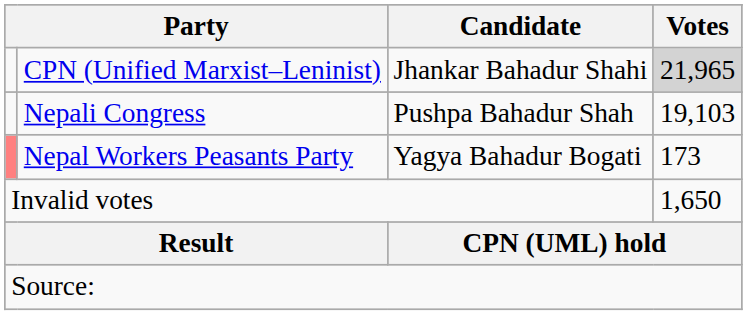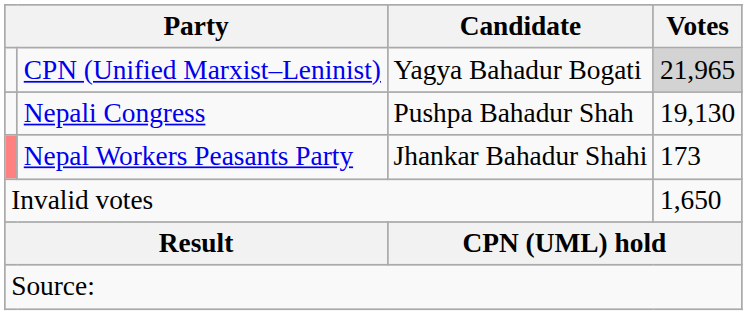 <table class="wikitable">
 <tr>
 <th colspan="2">Party</th>
 <th>Candidate</th>
 <th>Votes</th>
 </tr>
 <tr>
 <td style="background-color:"></td>
 <td><a href='#'>CPN (Unified Marxist–Leninist)</a></td>
-<td>Jhankar Bahadur Shahi</td>
+<td>Yagya Bahadur Bogati</td>
 <td style="background: lightgrey;">21,965</td>
 </tr>
 <tr>
 <td style="background-color:"></td>
 <td><a href='#'>Nepali Congress</a></td>
 <td>Pushpa Bahadur Shah</td>
-<td>19,103</td>
+<td>19,130</td>
 </tr>
 <tr>
 <td style="background-color:#ff8080"></td>
 <td><a href='#'>Nepal Workers Peasants Party</a></td>
-<td>Yagya Bahadur Bogati</td>
+<td>Jhankar Bahadur Shahi</td>
 <td>173</td>
 </tr>
 <tr>
 <td colspan="3">Invalid votes</td>
 <td>1,650</td>
 </tr>
 <tr>
 <th colspan="2">Result</th>
 <th colspan="2">CPN (UML) hold</th>
 </tr>
 <tr>
 <td colspan="4">Source: </td>
 </tr>
 </table>
